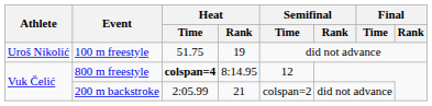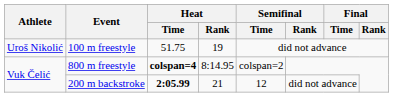 <table class=wikitable style="font-size:90%">
 <tr>
 <th rowspan=2>Athlete</th>
 <th rowspan=2>Event</th>
 <th colspan="2">Heat</th>
 <th colspan="2">Semifinal</th>
 <th colspan="2">Final</th>
 </tr>
 <tr style="font-size:95%">
 <th>Time</th>
 <th>Rank</th>
 <th>Time</th>
 <th>Rank</th>
 <th>Time</th>
 <th>Rank</th>
 </tr>
 <tr align=center>
 <td align=left><a href='#'>Uroš Nikolić</a></td>
 <td align=left><a href='#'>100 m freestyle</a></td>
 <td>51.75</td>
 <td>19</td>
 <td colspan=4>did not advance</td>
 </tr>
 <tr align=center>
 <td align=left rowspan=2><a href='#'>Vuk Čelić</a></td>
 <td align=left><a href='#'>800 m freestyle</a></td>
 <td><strong>colspan=4 </strong></td>
 <td>8:14.95</td>
-<td>12</td>
+<td>colspan=2 </td>
 </tr>
 <tr align=center>
 <td align=left><a href='#'>200 m backstroke</a></td>
-<td>2:05.99</td>
+<td><strong>2:05.99</strong></td>
 <td>21</td>
-<td>colspan=2 </td>
+<td>12</td>
 <td colspan=2>did not advance</td>
 </tr>
 </table>
